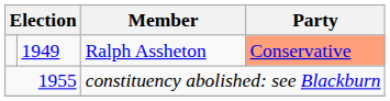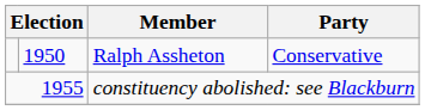 <table class="wikitable">
 <tr>
 <th colspan="2">Election</th>
 <th>Member</th>
 <th>Party</th>
 </tr>
 <tr>
 <td style="color:inherit;background-color: "></td>
-<td><a href='#'>1949</a></td>
+<td><a href='#'>1950</a></td>
 <td><a href='#'>Ralph Assheton</a></td>
-<td style="background: lightsalmon;"><a href='#'>Conservative</a></td>
+<td><a href='#'>Conservative</a></td>
 </tr>
 <tr>
 <td colspan=2 align="right"><a href='#'>1955</a></td>
 <td colspan="2"><em>constituency abolished: see <a href='#'>Blackburn</a></em></td>
 </tr>
 <tr>
 </tr>
 </table>
